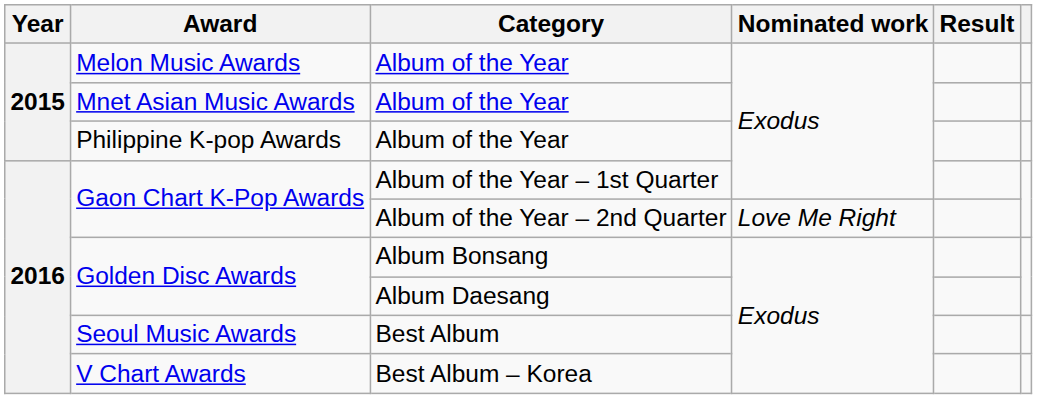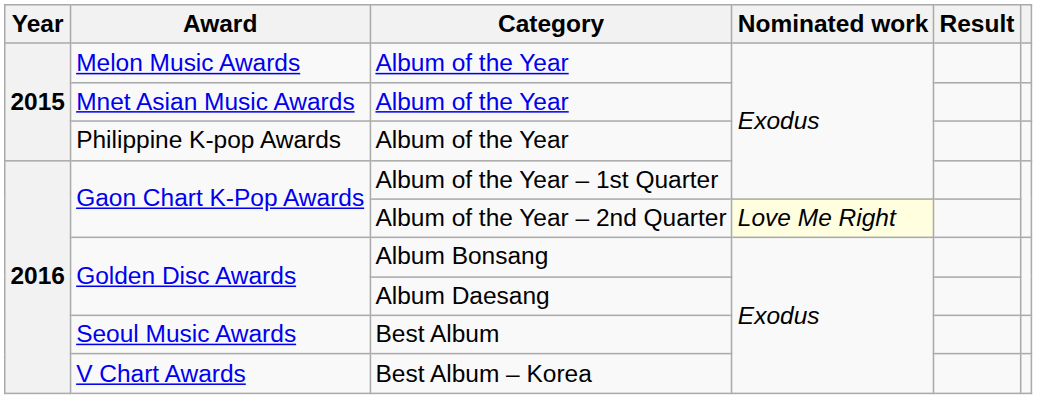 <table class="wikitable plainrowheaders">
 <tr>
 <th>Year</th>
 <th>Award</th>
 <th>Category</th>
 <th>Nominated work</th>
 <th>Result</th>
 <th class="unsortable"></th>
 </tr>
 <tr>
 <th scope="row" rowspan="3">2015</th>
 <td><a href='#'>Melon Music Awards</a></td>
 <td><a href='#'>Album of the Year</a></td>
 <td rowspan="4"><em>Exodus</em></td>
 <td></td>
 <td align="center"></td>
 </tr>
 <tr>
 <td><a href='#'>Mnet Asian Music Awards</a></td>
 <td><a href='#'>Album of the Year</a></td>
 <td></td>
 <td align="center"></td>
 </tr>
 <tr>
 <td>Philippine K-pop Awards</td>
 <td>Album of the Year</td>
 <td></td>
 <td align="center"></td>
 </tr>
 <tr>
 <th scope="row" rowspan="6">2016</th>
 <td rowspan="2"><a href='#'>Gaon Chart K-Pop Awards</a></td>
 <td>Album of the Year – 1st Quarter</td>
 <td></td>
 <td align="center" rowspan="2"></td>
 </tr>
 <tr>
 <td>Album of the Year – 2nd Quarter</td>
-<td><em>Love Me Right</em></td>
+<td style="background: lightyellow;"><em>Love Me Right</em></td>
 <td></td>
 </tr>
 <tr>
 <td rowspan="2"><a href='#'>Golden Disc Awards</a></td>
 <td>Album Bonsang</td>
 <td rowspan="4"><em>Exodus</em></td>
 <td></td>
 <td align="center" rowspan="2"></td>
 </tr>
 <tr>
 <td>Album Daesang</td>
 <td></td>
 </tr>
 <tr>
 <td><a href='#'>Seoul Music Awards</a></td>
 <td>Best Album</td>
 <td></td>
 <td></td>
 </tr>
 <tr>
 <td><a href='#'>V Chart Awards</a></td>
 <td>Best Album – Korea</td>
 <td></td>
 <td align="center"></td>
 </tr>
 </table>
